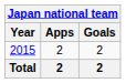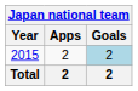 <table class="wikitable" style="text-align:center">
 <tr>
 <th colspan=3><a href='#'>Japan national team</a></th>
 </tr>
 <tr>
 <th>Year</th>
 <th>Apps</th>
 <th>Goals</th>
 </tr>
 <tr>
 <td><a href='#'>2015</a></td>
 <td>2</td>
-<td>2</td>
+<td style="background: lightblue;">2</td>
 </tr>
 <tr>
 <th>Total</th>
 <th>2</th>
 <th>2</th>
 </tr>
 </table>
